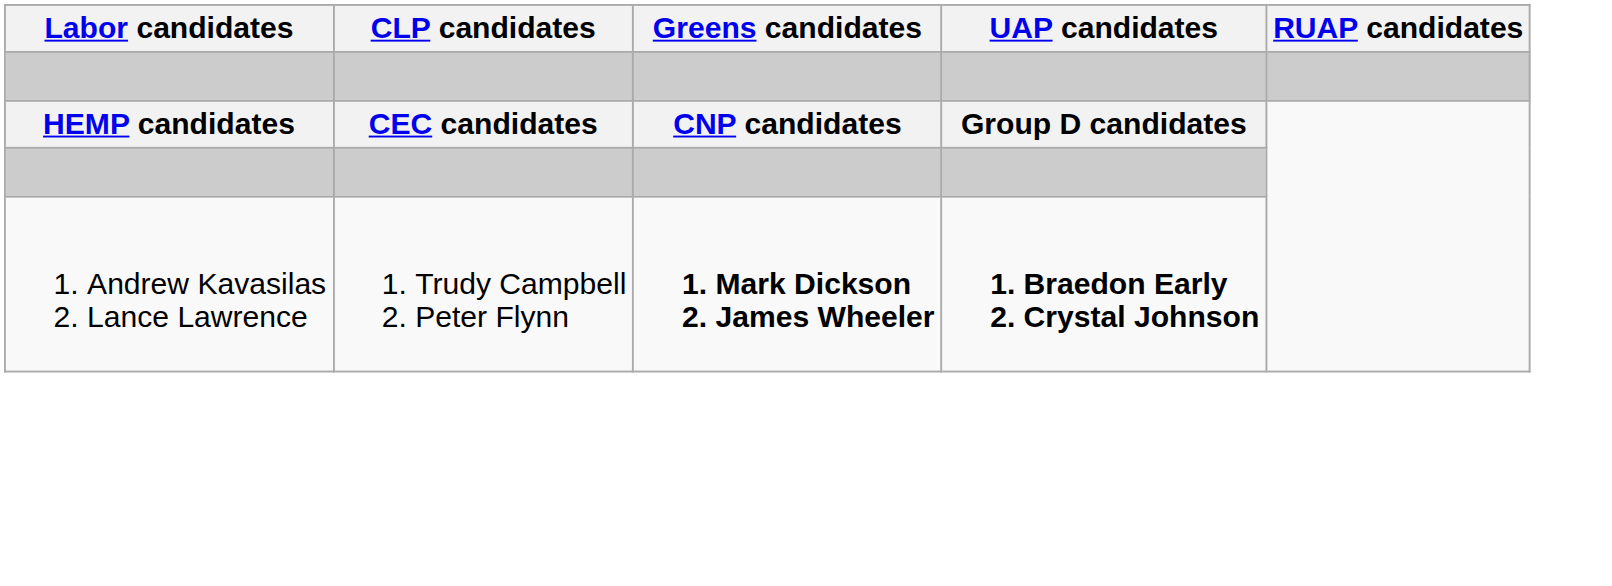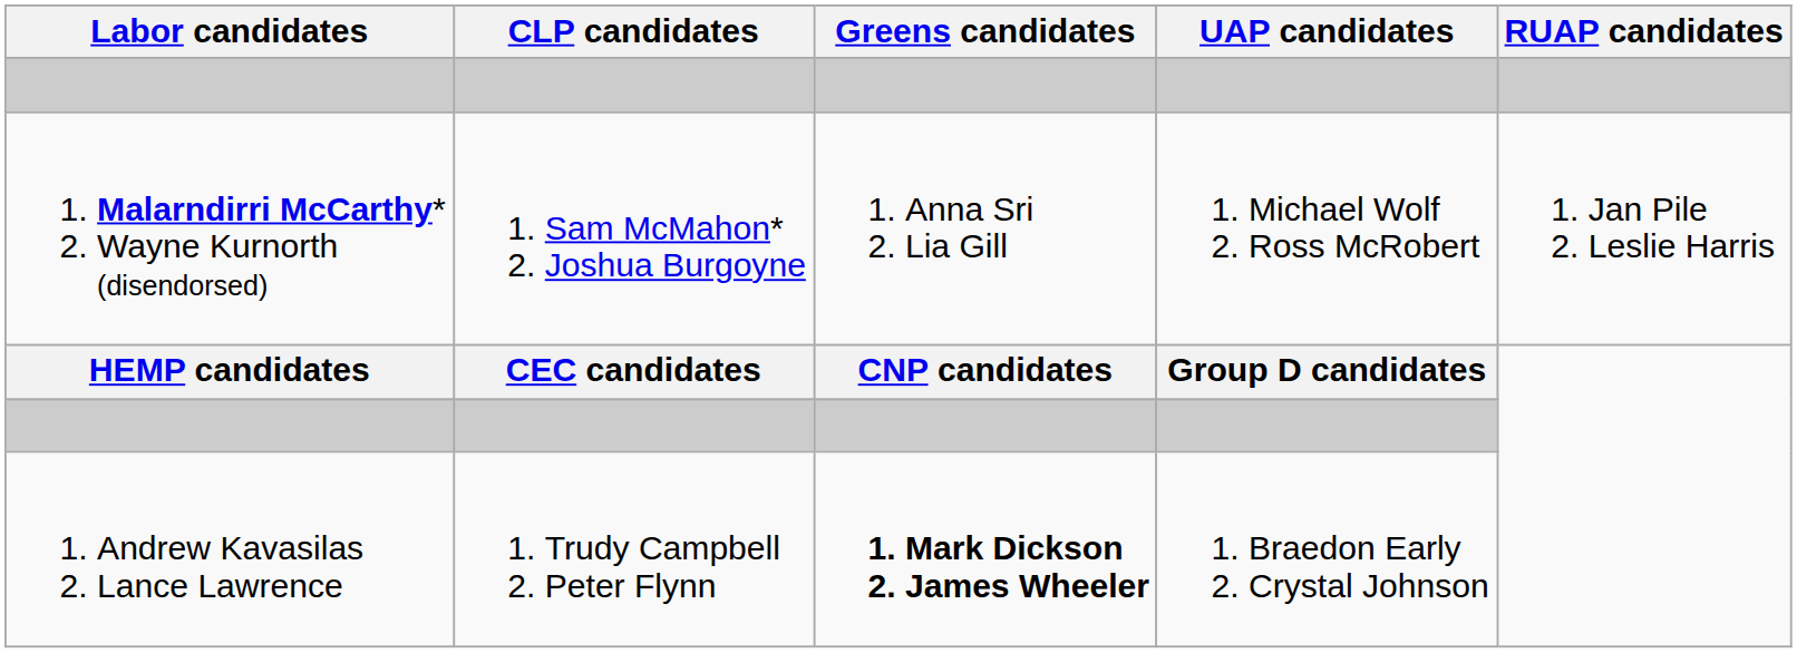 <table class="wikitable">
 <tr>
 <th><a href='#'>Labor</a> candidates</th>
 <th><a href='#'>CLP</a> candidates</th>
 <th><a href='#'>Greens</a> candidates</th>
 <th><a href='#'>UAP</a> candidates</th>
 <th><a href='#'>RUAP</a> candidates</th>
 </tr>
 <tr style="background:#ccc;">
 <td> </td>
 <td> </td>
 <td> </td>
 <td></td>
 <td> </td>
+</tr>
+<tr>
+<td><br><ol><li><strong><a href='#'>Malarndirri McCarthy</a></strong>*</li><li>Wayne Kurnorth<br><small>(disendorsed)</small></li></ol></td>
+<td><br><ol><li><a href='#'>Sam McMahon</a>*</li><li><a href='#'>Joshua Burgoyne</a></li></ol></td>
+<td valign=top><br><ol><li>Anna Sri</li><li>Lia Gill</li></ol></td>
+<td valign=top><br><ol><li>Michael Wolf</li><li>Ross McRobert</li></ol></td>
+<td valign=top><br><ol><li>Jan Pile</li><li>Leslie Harris</li></ol></td>
 </tr>
 <tr style="background:#ccc;">
 <th><a href='#'>HEMP</a> candidates</th>
 <th><a href='#'>CEC</a> candidates</th>
 <th><a href='#'>CNP</a> candidates</th>
 <th>Group D candidates</th>
 </tr>
 <tr style="background:#ccc;">
 <td> </td>
 <td> </td>
 <td> </td>
 <td> </td>
 </tr>
 <tr>
 <td valign="top"><br><ol><li>Andrew Kavasilas</li><li>Lance Lawrence</li></ol></td>
 <td valign="top"><br><ol><li>Trudy Campbell</li><li>Peter Flynn</li></ol></td>
 <td valign="top"><strong><br><ol><li>Mark Dickson</li><li>James Wheeler</li></ol></strong></td>
-<td valign="top"><strong><br><ol><li>Braedon Early</li><li>Crystal Johnson</li></ol></strong></td>
+<td valign="top"><br><ol><li>Braedon Early</li><li>Crystal Johnson</li></ol></td>
 </tr>
 </table>
